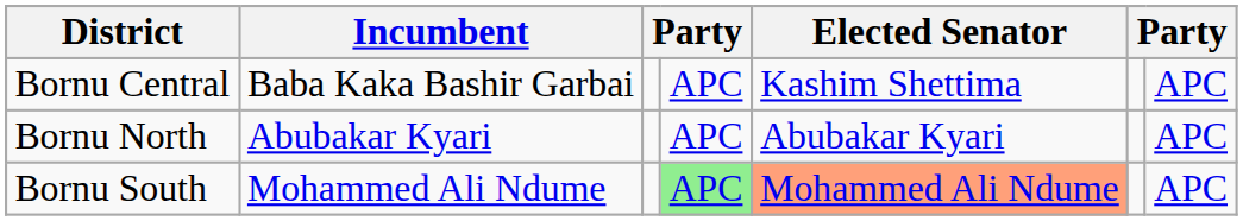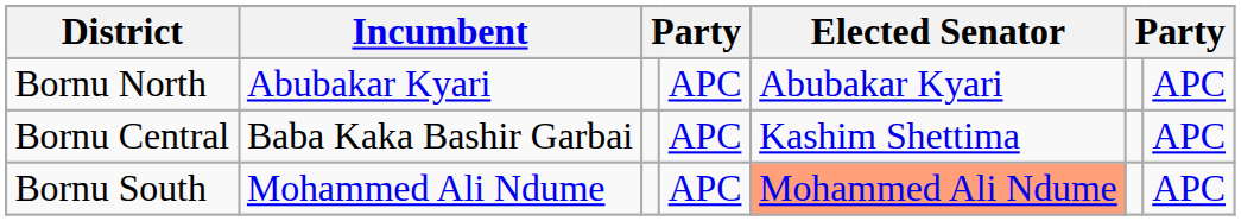 <table class="sortable wikitable" style="font-size:95%;line-height:14px;">
 <tr>
 <th class="unsortable">District</th>
 <th class="unsortable"><a href='#'>Incumbent</a></th>
 <th colspan="2">Party</th>
 <th class="unsortable">Elected Senator</th>
 <th colspan="2">Party</th>
+</tr>
+<tr>
+<td>Bornu North</td>
+<td><a href='#'>Abubakar Kyari</a></td>
+<td style="background:"></td>
+<td><a href='#'>APC</a></td>
+<td><a href='#'>Abubakar Kyari</a></td>
+<td style="background:"></td>
+<td><a href='#'>APC</a></td>
 </tr>
 <tr>
 <td>Bornu Central</td>
 <td>Baba Kaka Bashir Garbai</td>
 <td style="background:"></td>
 <td><a href='#'>APC</a></td>
 <td><a href='#'>Kashim Shettima</a></td>
 <td style="background:"></td>
 <td><a href='#'>APC</a></td>
 </tr>
 <tr>
-<td>Bornu North</td>
-<td><a href='#'>Abubakar Kyari</a></td>
-<td style="background:"></td>
-<td><a href='#'>APC</a></td>
-<td><a href='#'>Abubakar Kyari</a></td>
-<td style="background:"></td>
-<td><a href='#'>APC</a></td>
-</tr>
-<tr>
 <td>Bornu South</td>
 <td><a href='#'>Mohammed Ali Ndume</a></td>
 <td style="background:"></td>
-<td style="background: lightgreen;"><a href='#'>APC</a></td>
+<td><a href='#'>APC</a></td>
 <td style="background: lightsalmon;"><a href='#'>Mohammed Ali Ndume</a></td>
 <td style="background:"></td>
 <td><a href='#'>APC</a></td>
 </tr>
 </table>
